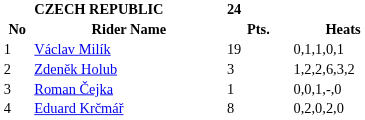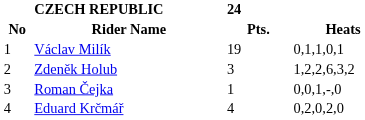 <table class="toccolours">
 <tr>
 <td></td>
 <td><strong>CZECH REPUBLIC</strong></td>
 <td><strong>24</strong></td>
 </tr>
 <tr style="background-color:">
 <th width=30px>No</th>
 <th width=210px>Rider Name</th>
 <th width=70px>Pts.</th>
 <th width=110px>Heats</th>
 </tr>
 <tr style="background-color:">
 <td>1</td>
 <td><a href='#'>Václav Milík</a></td>
 <td>19</td>
 <td>0,1,1,0,1</td>
 </tr>
 <tr style="background-color:">
 <td>2</td>
 <td><a href='#'>Zdeněk Holub</a></td>
 <td>3</td>
 <td>1,2,2,6,3,2</td>
 </tr>
 <tr style="background-color:">
 <td>3</td>
 <td><a href='#'>Roman Čejka</a></td>
 <td>1</td>
 <td>0,0,1,-,0</td>
 </tr>
 <tr style="background-color:">
 <td>4</td>
 <td><a href='#'>Eduard Krčmář</a></td>
-<td>8</td>
+<td>4</td>
 <td>0,2,0,2,0</td>
 </tr>
 </table>
